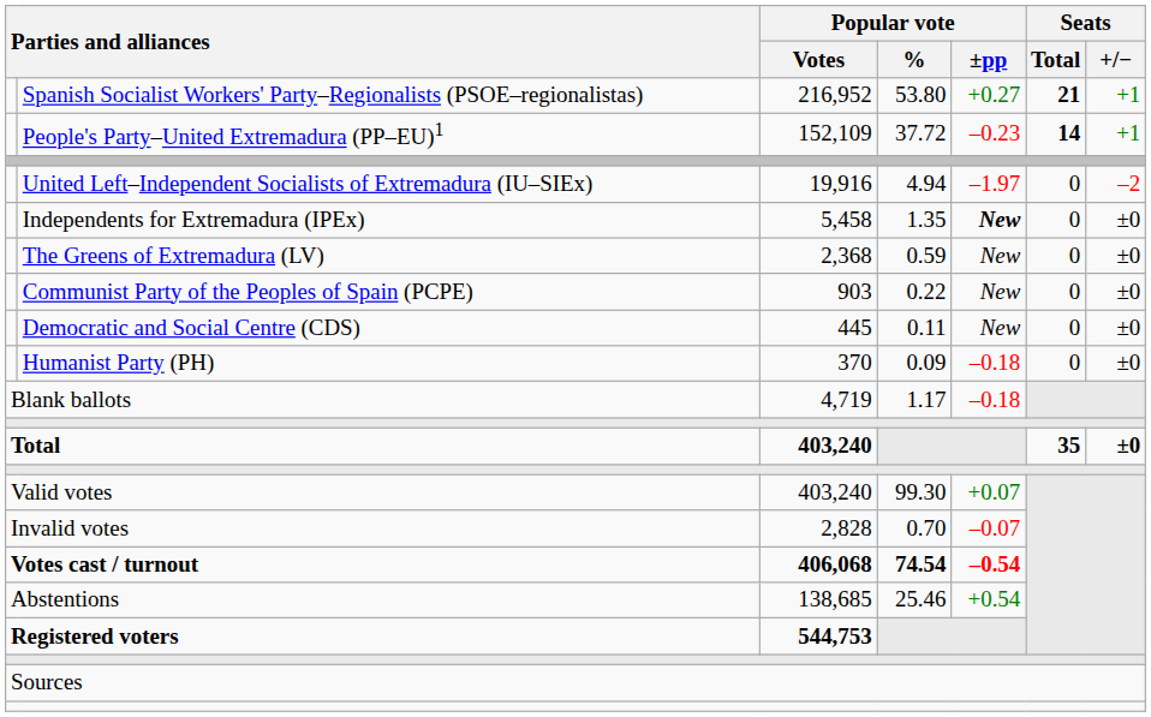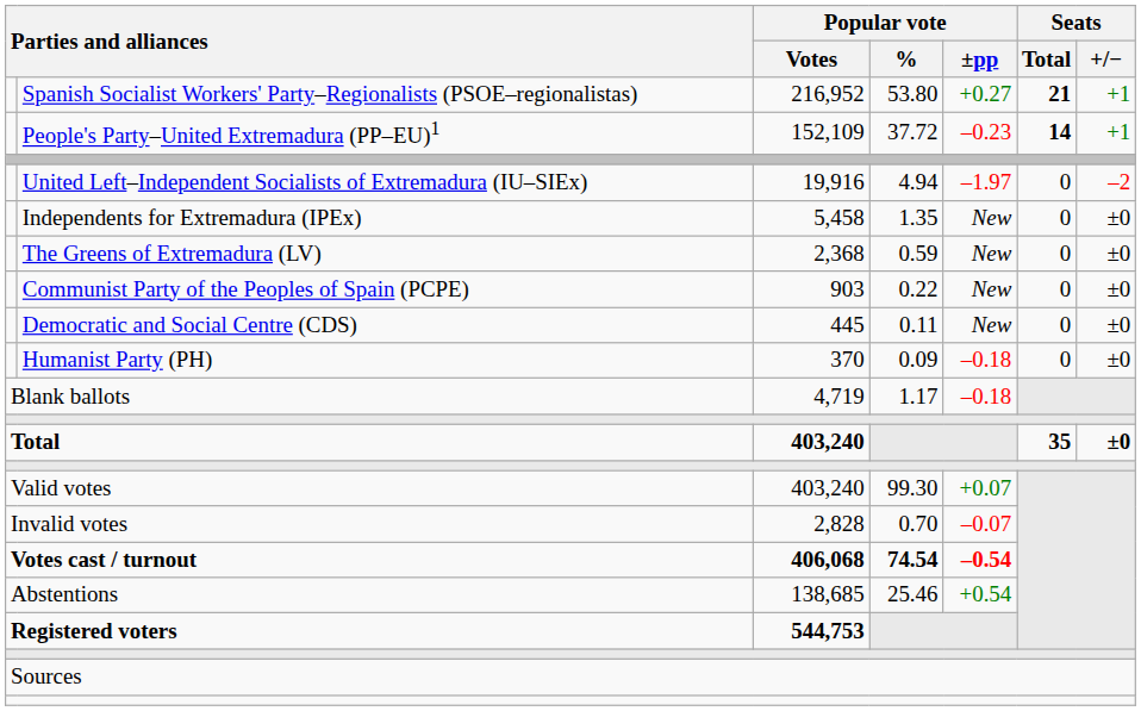 <table class="wikitable" style="text-align:right;">
 <tr>
 <th style="text-align:left;" rowspan="2" colspan="2" width="525">Parties and alliances</th>
 <th colspan="3">Popular vote</th>
 <th colspan="2">Seats</th>
 </tr>
 <tr>
 <th width="75">Votes</th>
 <th width="45">%</th>
 <th width="45">±<a href='#'>pp</a></th>
 <th width="35">Total</th>
 <th width="35">+/−</th>
 </tr>
 <tr>
 <td width="1" style="color:inherit;background:"></td>
 <td align="left"><a href='#'>Spanish Socialist Workers' Party</a>–<a href='#'>Regionalists</a> (PSOE–regionalistas)</td>
 <td>216,952</td>
 <td>53.80</td>
 <td style="color:green;">+0.27</td>
 <td><strong>21</strong></td>
 <td style="color:green;">+1</td>
 </tr>
 <tr>
 <td style="color:inherit;background:"></td>
 <td align="left"><a href='#'>People's Party</a>–<a href='#'>United Extremadura</a> (PP–EU)<sup>1</sup></td>
 <td>152,109</td>
 <td>37.72</td>
 <td style="color:red;">–0.23</td>
 <td><strong>14</strong></td>
 <td style="color:green;">+1</td>
 </tr>
 <tr>
 <td colspan="7" bgcolor="#C0C0C0"></td>
 </tr>
 <tr>
 <td style="color:inherit;background:"></td>
 <td align="left"><a href='#'>United Left</a>–<a href='#'>Independent Socialists of Extremadura</a> (IU–SIEx)</td>
 <td>19,916</td>
 <td>4.94</td>
 <td style="color:red;">–1.97</td>
 <td>0</td>
 <td style="color:red;">–2</td>
 </tr>
 <tr>
 <td style="color:inherit;background:"></td>
 <td align="left">Independents for Extremadura (IPEx)</td>
 <td>5,458</td>
 <td>1.35</td>
-<td><strong><em>New</em></strong></td>
+<td><em>New</em></td>
 <td>0</td>
 <td>±0</td>
 </tr>
 <tr>
 <td style="color:inherit;background:"></td>
 <td align="left"><a href='#'>The Greens of Extremadura</a> (LV)</td>
 <td>2,368</td>
 <td>0.59</td>
 <td><em>New</em></td>
 <td>0</td>
 <td>±0</td>
 </tr>
 <tr>
 <td style="color:inherit;background:"></td>
 <td align="left"><a href='#'>Communist Party of the Peoples of Spain</a> (PCPE)</td>
 <td>903</td>
 <td>0.22</td>
 <td><em>New</em></td>
 <td>0</td>
 <td>±0</td>
 </tr>
 <tr>
 <td style="color:inherit;background:"></td>
 <td align="left"><a href='#'>Democratic and Social Centre</a> (CDS)</td>
 <td>445</td>
 <td>0.11</td>
 <td><em>New</em></td>
 <td>0</td>
 <td>±0</td>
 </tr>
 <tr>
 <td style="color:inherit;background:"></td>
 <td align="left"><a href='#'>Humanist Party</a> (PH)</td>
 <td>370</td>
 <td>0.09</td>
 <td style="color:red;">–0.18</td>
 <td>0</td>
 <td>±0</td>
 </tr>
 <tr>
 <td align="left" colspan="2">Blank ballots</td>
 <td>4,719</td>
 <td>1.17</td>
 <td style="color:red;">–0.18</td>
 <td bgcolor="#E9E9E9" colspan="2"></td>
 </tr>
 <tr>
 <td colspan="7" bgcolor="#E9E9E9"></td>
 </tr>
 <tr style="font-weight:bold;">
 <td align="left" colspan="2">Total</td>
 <td>403,240</td>
 <td bgcolor="#E9E9E9" colspan="2"></td>
 <td>35</td>
 <td>±0</td>
 </tr>
 <tr>
 <td colspan="7" bgcolor="#E9E9E9"></td>
 </tr>
 <tr>
 <td align="left" colspan="2">Valid votes</td>
 <td>403,240</td>
 <td>99.30</td>
 <td style="color:green;">+0.07</td>
 <td bgcolor="#E9E9E9" colspan="2" rowspan="5"></td>
 </tr>
 <tr>
 <td align="left" colspan="2">Invalid votes</td>
 <td>2,828</td>
 <td>0.70</td>
 <td style="color:red;">–0.07</td>
 </tr>
 <tr style="font-weight:bold;">
 <td align="left" colspan="2">Votes cast / turnout</td>
 <td>406,068</td>
 <td>74.54</td>
 <td style="color:red;">–0.54</td>
 </tr>
 <tr>
 <td align="left" colspan="2">Abstentions</td>
 <td>138,685</td>
 <td>25.46</td>
 <td style="color:green;">+0.54</td>
 </tr>
 <tr style="font-weight:bold;">
 <td align="left" colspan="2">Registered voters</td>
 <td>544,753</td>
 <td bgcolor="#E9E9E9" colspan="2"></td>
 </tr>
 <tr>
 <td colspan="7" bgcolor="#E9E9E9"></td>
 </tr>
 <tr>
 <td align="left" colspan="7">Sources</td>
 </tr>
 <tr>
 <td colspan="7" style="text-align:left; max-width:790px;"></td>
 </tr>
 </table>
